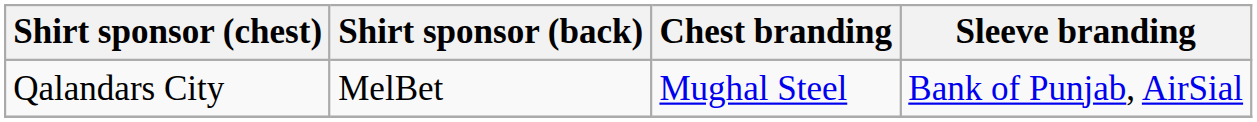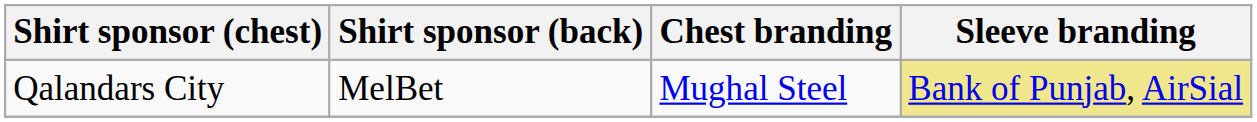 <table class="wikitable">
 <tr>
 <th>Shirt sponsor (chest)</th>
 <th>Shirt sponsor (back)</th>
 <th>Chest branding</th>
 <th>Sleeve branding</th>
 </tr>
 <tr>
 <td>Qalandars City</td>
 <td>MelBet</td>
 <td><a href='#'>Mughal Steel</a></td>
-<td><a href='#'>Bank of Punjab</a>, <a href='#'>AirSial</a></td>
+<td style="background: khaki;"><a href='#'>Bank of Punjab</a>, <a href='#'>AirSial</a></td>
 </tr>
 <tr>
 </tr>
 </table>
